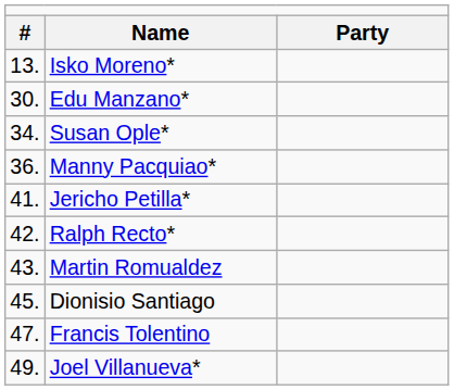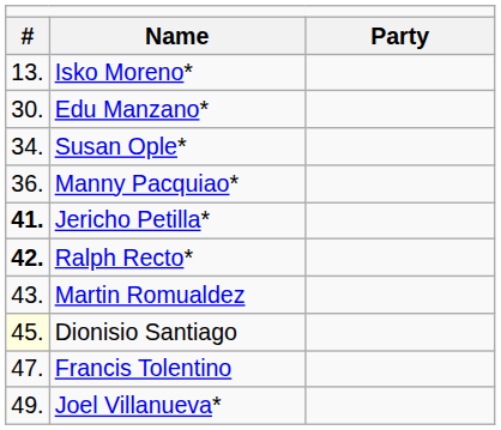 <table class=wikitable style="font-size:90%">
 <tr>
 <td colspan=4 bgcolor=></td>
 </tr>
 <tr>
 <th>#</th>
 <th style="width:150px;">Name</th>
 <th colspan="2" style="width:110px;">Party</th>
 </tr>
 <tr>
 <td>13.</td>
 <td><a href='#'>Isko Moreno</a>*</td>
 <td></td>
 </tr>
 <tr>
 <td>30.</td>
 <td><a href='#'>Edu Manzano</a>*</td>
 <td></td>
 </tr>
 <tr>
 <td>34.</td>
 <td><a href='#'>Susan Ople</a>*</td>
 <td></td>
 </tr>
 <tr>
 <td>36.</td>
 <td><a href='#'>Manny Pacquiao</a>*</td>
 <td></td>
 </tr>
 <tr>
-<td>41.</td>
+<td><strong>41.</strong></td>
 <td><a href='#'>Jericho Petilla</a>*</td>
 <td></td>
 </tr>
 <tr>
-<td>42.</td>
+<td><strong>42.</strong></td>
 <td><a href='#'>Ralph Recto</a>*</td>
 <td></td>
 </tr>
 <tr>
 <td>43.</td>
 <td><a href='#'>Martin Romualdez</a></td>
 <td></td>
 </tr>
 <tr>
-<td>45.</td>
+<td style="background: lightyellow;">45.</td>
 <td>Dionisio Santiago</td>
 <td></td>
 </tr>
 <tr>
 <td>47.</td>
 <td><a href='#'>Francis Tolentino</a></td>
 <td></td>
 </tr>
 <tr>
 <td>49.</td>
 <td><a href='#'>Joel Villanueva</a>*</td>
 <td></td>
 </tr>
 </table>
